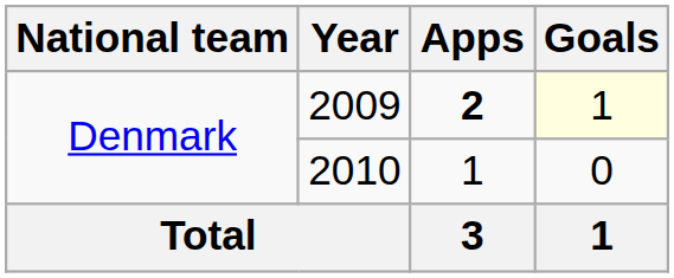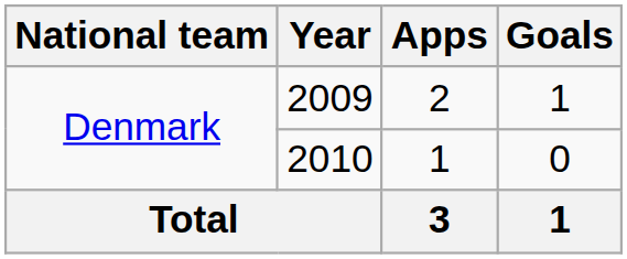 <table class="wikitable" style="text-align:center">
 <tr>
 <th>National team</th>
 <th>Year</th>
 <th>Apps</th>
 <th>Goals</th>
 </tr>
 <tr>
 <td rowspan="2"><a href='#'>Denmark</a></td>
 <td>2009</td>
-<td><strong>2</strong></td>
-<td style="background: lightyellow;">1</td>
+<td>2</td>
+<td>1</td>
 </tr>
 <tr>
 <td>2010</td>
 <td>1</td>
 <td>0</td>
 </tr>
 <tr>
 <th colspan="2">Total</th>
 <th>3</th>
 <th>1</th>
 </tr>
 </table>
